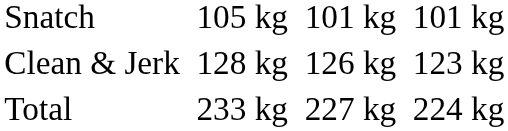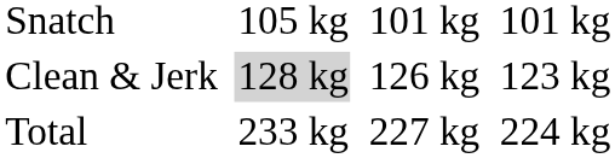 <table>
 <tr>
 <td>Snatch</td>
 <td></td>
 <td>105 kg</td>
 <td></td>
 <td>101 kg</td>
 <td></td>
 <td>101 kg</td>
 </tr>
 <tr>
 <td>Clean & Jerk</td>
 <td></td>
-<td>128 kg</td>
+<td style="background: lightgrey;">128 kg</td>
 <td></td>
 <td>126 kg</td>
 <td></td>
 <td>123 kg</td>
 </tr>
 <tr>
 <td>Total</td>
 <td></td>
 <td>233 kg</td>
 <td></td>
 <td>227 kg</td>
 <td></td>
 <td>224 kg</td>
 </tr>
 </table>
